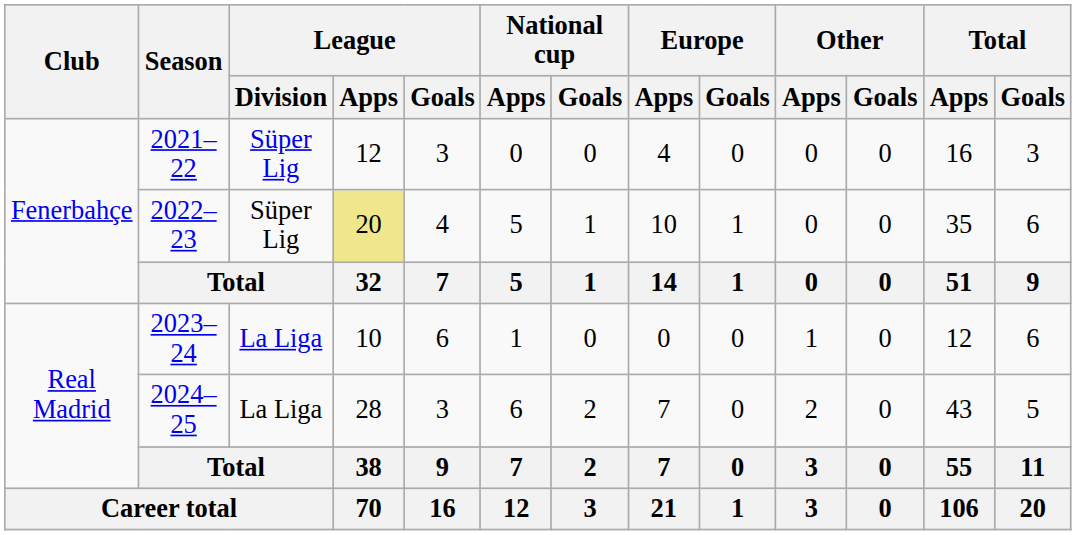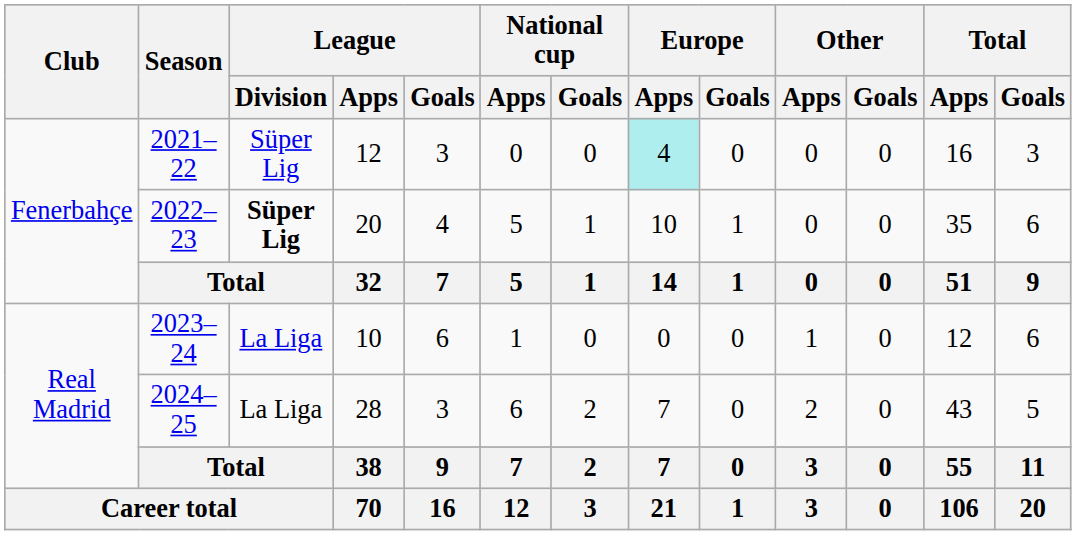 <table class="wikitable" style="text-align:center">
 <tr>
 <th rowspan="2">Club</th>
 <th rowspan="2">Season</th>
 <th colspan="3">League</th>
 <th colspan="2">National cup</th>
 <th colspan="2">Europe</th>
 <th colspan="2">Other</th>
 <th colspan="2">Total</th>
 </tr>
 <tr>
 <th>Division</th>
 <th>Apps</th>
 <th>Goals</th>
 <th>Apps</th>
 <th>Goals</th>
 <th>Apps</th>
 <th>Goals</th>
 <th>Apps</th>
 <th>Goals</th>
 <th>Apps</th>
 <th>Goals</th>
 </tr>
 <tr>
 <td rowspan="3"><a href='#'>Fenerbahçe</a></td>
 <td><a href='#'>2021–22</a></td>
 <td><a href='#'>Süper Lig</a></td>
 <td>12</td>
 <td>3</td>
 <td>0</td>
 <td>0</td>
-<td>4</td>
+<td style="background: paleturquoise;">4</td>
 <td>0</td>
 <td>0</td>
 <td>0</td>
 <td>16</td>
 <td>3</td>
 </tr>
 <tr>
 <td><a href='#'>2022–23</a></td>
-<td>Süper Lig</td>
-<td style="background: khaki;">20</td>
+<td><strong>Süper Lig</strong></td>
+<td>20</td>
 <td>4</td>
 <td>5</td>
 <td>1</td>
 <td>10</td>
 <td>1</td>
 <td>0</td>
 <td>0</td>
 <td>35</td>
 <td>6</td>
 </tr>
 <tr>
 <th colspan="2">Total</th>
 <th>32</th>
 <th>7</th>
 <th>5</th>
 <th>1</th>
 <th>14</th>
 <th>1</th>
 <th>0</th>
 <th>0</th>
 <th>51</th>
 <th>9</th>
 </tr>
 <tr>
 <td rowspan="3"><a href='#'>Real Madrid</a></td>
 <td><a href='#'>2023–24</a></td>
 <td><a href='#'>La Liga</a></td>
 <td>10</td>
 <td>6</td>
 <td>1</td>
 <td>0</td>
 <td>0</td>
 <td>0</td>
 <td>1</td>
 <td>0</td>
 <td>12</td>
 <td>6</td>
 </tr>
 <tr>
 <td><a href='#'>2024–25</a></td>
 <td>La Liga</td>
 <td>28</td>
 <td>3</td>
 <td>6</td>
 <td>2</td>
 <td>7</td>
 <td>0</td>
 <td>2</td>
 <td>0</td>
 <td>43</td>
 <td>5</td>
 </tr>
 <tr>
 <th colspan="2">Total</th>
 <th>38</th>
 <th>9</th>
 <th>7</th>
 <th>2</th>
 <th>7</th>
 <th>0</th>
 <th>3</th>
 <th>0</th>
 <th>55</th>
 <th>11</th>
 </tr>
 <tr>
 <th colspan="3">Career total</th>
 <th>70</th>
 <th>16</th>
 <th>12</th>
 <th>3</th>
 <th>21</th>
 <th>1</th>
 <th>3</th>
 <th>0</th>
 <th>106</th>
 <th>20</th>
 </tr>
 </table>
